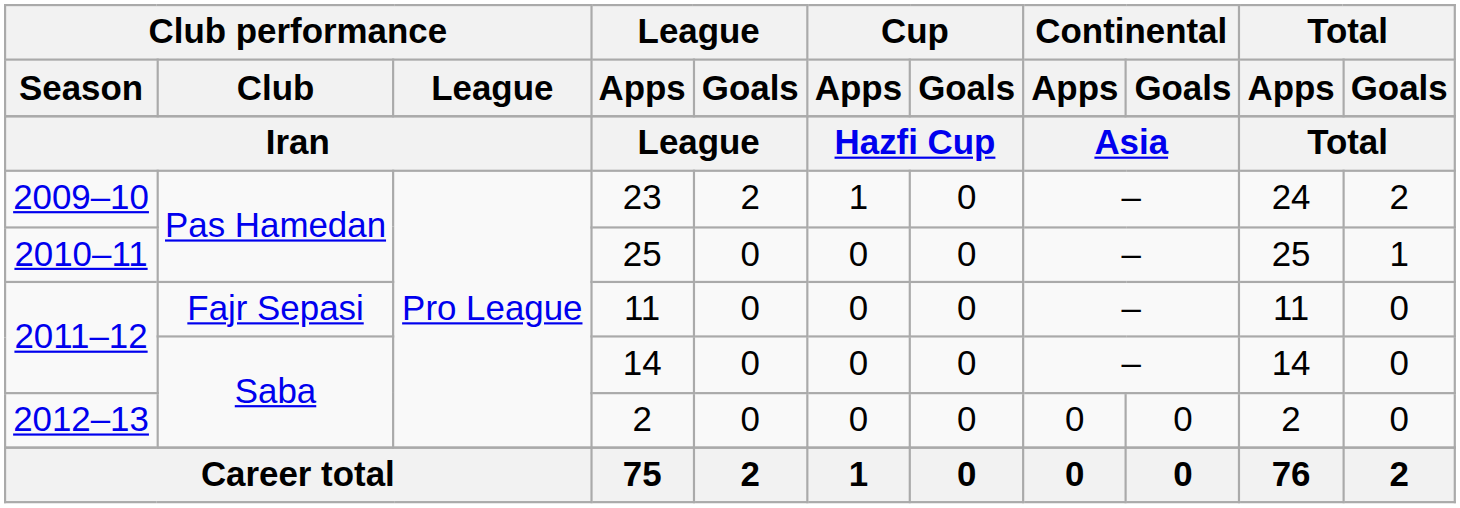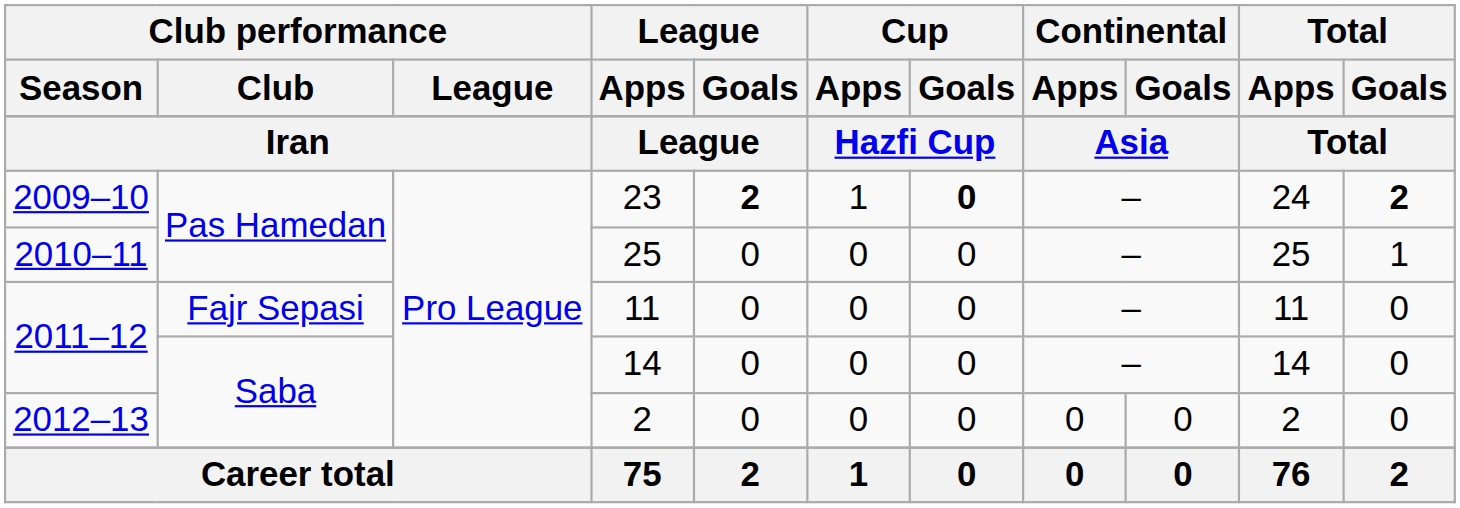 <table class="wikitable" style="text-align:center">
 <tr>
 <th colspan=3>Club performance</th>
 <th colspan=2>League</th>
 <th colspan=2>Cup</th>
 <th colspan=2>Continental</th>
 <th colspan=2>Total</th>
 </tr>
 <tr>
 <th>Season</th>
 <th>Club</th>
 <th>League</th>
 <th>Apps</th>
 <th>Goals</th>
 <th>Apps</th>
 <th>Goals</th>
 <th>Apps</th>
 <th>Goals</th>
 <th>Apps</th>
 <th>Goals</th>
 </tr>
 <tr>
 </tr>
 <tr>
 <th colspan=3>Iran</th>
 <th colspan=2>League</th>
 <th colspan=2><a href='#'>Hazfi Cup</a></th>
 <th colspan=2><a href='#'>Asia</a></th>
 <th colspan=2>Total</th>
 </tr>
 <tr>
 <td><a href='#'>2009–10</a></td>
 <td rowspan="2"><a href='#'>Pas Hamedan</a></td>
 <td rowspan="5"><a href='#'>Pro League</a></td>
 <td>23</td>
-<td>2</td>
+<td><strong>2</strong></td>
 <td>1</td>
-<td>0</td>
+<td><strong>0</strong></td>
 <td colspan="2">–</td>
 <td>24</td>
-<td>2</td>
+<td><strong>2</strong></td>
 </tr>
 <tr>
 <td><a href='#'>2010–11</a></td>
 <td>25</td>
 <td>0</td>
 <td>0</td>
 <td>0</td>
 <td colspan="2">–</td>
 <td>25</td>
 <td>1</td>
 </tr>
 <tr>
 <td rowspan="2"><a href='#'>2011–12</a></td>
 <td><a href='#'>Fajr Sepasi</a></td>
 <td>11</td>
 <td>0</td>
 <td>0</td>
 <td>0</td>
 <td colspan="2">–</td>
 <td>11</td>
 <td>0</td>
 </tr>
 <tr>
 <td rowspan="2"><a href='#'>Saba</a></td>
 <td>14</td>
 <td>0</td>
 <td>0</td>
 <td>0</td>
 <td colspan="2">–</td>
 <td>14</td>
 <td>0</td>
 </tr>
 <tr>
 <td><a href='#'>2012–13</a></td>
 <td>2</td>
 <td>0</td>
 <td>0</td>
 <td>0</td>
 <td>0</td>
 <td>0</td>
 <td>2</td>
 <td>0</td>
 </tr>
 <tr>
 </tr>
 <tr>
 <th colspan=3>Career total</th>
 <th>75</th>
 <th>2</th>
 <th>1</th>
 <th>0</th>
 <th>0</th>
 <th>0</th>
 <th>76</th>
 <th>2</th>
 </tr>
 </table>
